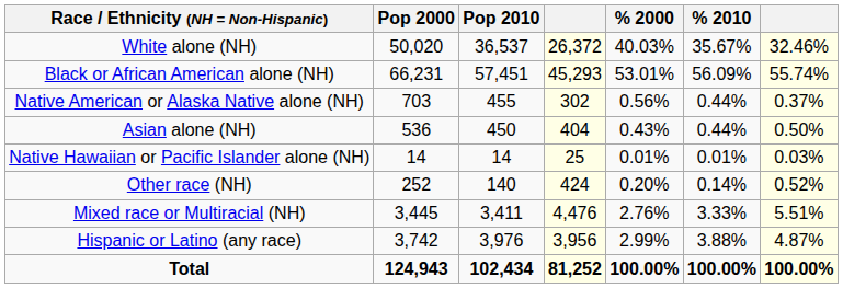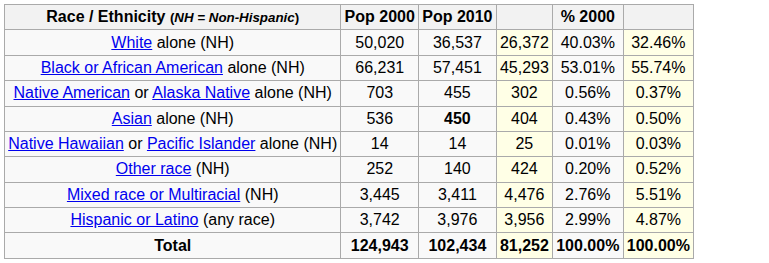 <table class="wikitable" style="text-align:center;">
 <tr>
 <th>Race / Ethnicity <small>(<em>NH = Non-Hispanic</em>)</small></th>
 <th>Pop 2000</th>
 <th>Pop 2010</th>
 <th></th>
 <th>% 2000</th>
-<th>% 2010</th>
 <th></th>
 </tr>
 <tr>
 <td><a href='#'>White</a> alone (NH)</td>
 <td>50,020</td>
 <td>36,537</td>
 <td style='background: #ffffe6;'>26,372</td>
 <td>40.03%</td>
-<td>35.67%</td>
 <td style='background: #ffffe6;'>32.46%</td>
 </tr>
 <tr>
 <td><a href='#'>Black or African American</a> alone (NH)</td>
 <td>66,231</td>
 <td>57,451</td>
 <td style='background: #ffffe6;'>45,293</td>
 <td>53.01%</td>
-<td>56.09%</td>
 <td style='background: #ffffe6;'>55.74%</td>
 </tr>
 <tr>
 <td><a href='#'>Native American</a> or <a href='#'>Alaska Native</a> alone (NH)</td>
 <td>703</td>
 <td>455</td>
 <td style='background: #ffffe6;'>302</td>
 <td>0.56%</td>
-<td>0.44%</td>
 <td style='background: #ffffe6;'>0.37%</td>
 </tr>
 <tr>
 <td><a href='#'>Asian</a> alone (NH)</td>
 <td>536</td>
-<td>450</td>
+<td><strong>450</strong></td>
 <td style='background: #ffffe6;'>404</td>
 <td>0.43%</td>
-<td>0.44%</td>
 <td style='background: #ffffe6;'>0.50%</td>
 </tr>
 <tr>
 <td><a href='#'>Native Hawaiian</a> or <a href='#'>Pacific Islander</a> alone (NH)</td>
 <td>14</td>
 <td>14</td>
 <td style='background: #ffffe6;'>25</td>
-<td>0.01%</td>
 <td>0.01%</td>
 <td style='background: #ffffe6;'>0.03%</td>
 </tr>
 <tr>
 <td><a href='#'>Other race</a> (NH)</td>
 <td>252</td>
 <td>140</td>
 <td style='background: #ffffe6;'>424</td>
 <td>0.20%</td>
-<td>0.14%</td>
 <td style='background: #ffffe6;'>0.52%</td>
 </tr>
 <tr>
 <td><a href='#'>Mixed race or Multiracial</a> (NH)</td>
 <td>3,445</td>
 <td>3,411</td>
 <td style='background: #ffffe6;'>4,476</td>
 <td>2.76%</td>
-<td>3.33%</td>
 <td style='background: #ffffe6;'>5.51%</td>
 </tr>
 <tr>
 <td><a href='#'>Hispanic or Latino</a> (any race)</td>
 <td>3,742</td>
 <td>3,976</td>
 <td style='background: #ffffe6;'>3,956</td>
 <td>2.99%</td>
-<td>3.88%</td>
 <td style='background: #ffffe6;'>4.87%</td>
 </tr>
 <tr>
 <td><strong>Total</strong></td>
 <td><strong>124,943</strong></td>
 <td><strong>102,434</strong></td>
 <td style='background: #ffffe6;'><strong>81,252</strong></td>
 <td><strong>100.00%</strong></td>
-<td><strong>100.00%</strong></td>
 <td style='background: #ffffe6;'><strong>100.00%</strong></td>
 </tr>
 </table>
